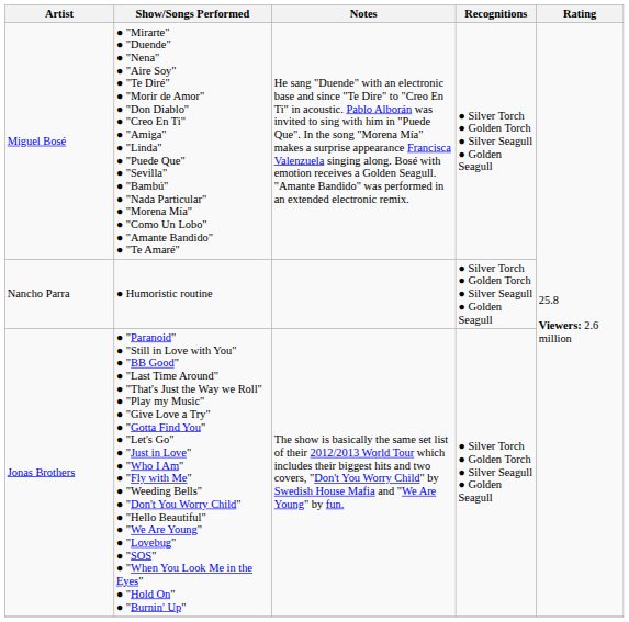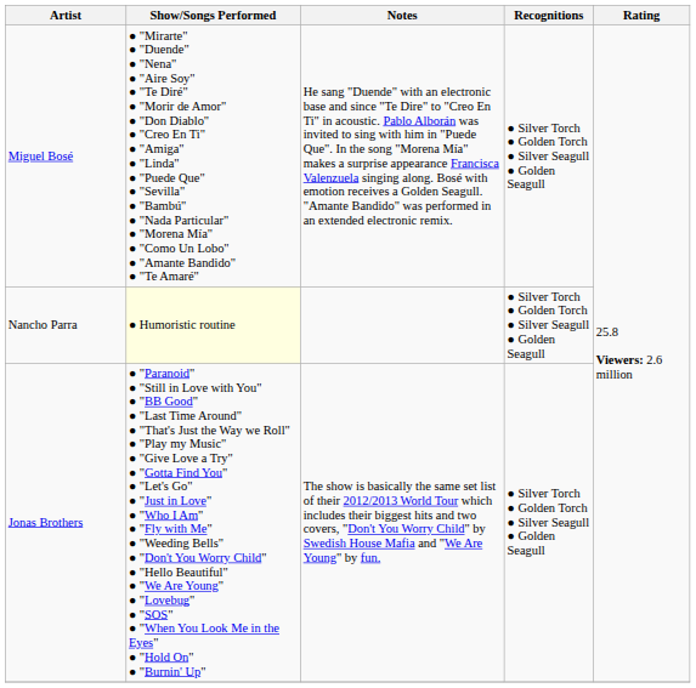 <table class="wikitable">
 <tr>
 <th width="170">Artist</th>
 <th width="250">Show/Songs Performed</th>
 <th width="300">Notes</th>
 <th width="110">Recognitions</th>
 <th width="130">Rating</th>
 </tr>
 <tr>
 <td><a href='#'>Miguel Bosé</a></td>
 <td>● "Mirarte"<br> ● "Duende"<br> ● "Nena"<br> ● "Aire Soy"<br>  ● "Te Diré"<br> ● "Morir de Amor"<br> ● "Don Diablo" <br> ● "Creo En Ti" <br> ● "Amiga"<br> ● "Linda"<br> ● "Puede Que"<br> ● "Sevilla"<br> ● "Bambú"<br> ● "Nada Particular"<br> ● "Morena Mía"<br> ● "Como Un Lobo"<br> ● "Amante Bandido"<br> ● "Te Amaré"<br></td>
 <td>He sang "Duende" with an electronic base and since "Te Dire" to "Creo En Ti" in acoustic. <a href='#'>Pablo Alborán</a> was invited to sing with him in "Puede Que". In the song "Morena Mía" makes a surprise appearance <a href='#'>Francisca Valenzuela</a> singing along. Bosé with emotion receives a Golden Seagull. "Amante Bandido" was performed in an extended electronic remix.</td>
 <td>● Silver Torch<br> ● Golden Torch<br> ● Silver Seagull <br> ● Golden Seagull<br></td>
 <td rowspan="3">25.8<br><br> <strong>Viewers:</strong> 2.6 million</td>
 </tr>
 <tr>
 <td>Nancho Parra</td>
-<td>● Humoristic routine</td>
+<td style="background: lightyellow;">● Humoristic routine</td>
 <td></td>
 <td>● Silver Torch<br> ● Golden Torch<br> ● Silver Seagull <br> ● Golden Seagull<br></td>
 </tr>
 <tr>
 <td><a href='#'>Jonas Brothers</a></td>
 <td>● "<a href='#'>Paranoid</a>"<br> ● "Still in Love with You"<br> ● "<a href='#'>BB Good</a>"<br> ● "Last Time Around"<br> ● "That's Just the Way we Roll"<br> ● "Play my Music"<br> ● "Give Love a Try"<br> ● "<a href='#'>Gotta Find You</a>"<br> ● "Let's Go"<br> ● "<a href='#'>Just in Love</a>"<br> ● "<a href='#'>Who I Am</a>"<br> ● "<a href='#'>Fly with Me</a>"<br> ● "Weeding Bells"<br> ● "<a href='#'>Don't You Worry Child</a>"<br> ● "Hello Beautiful"<br> ● "<a href='#'>We Are Young</a>"<br> ● "<a href='#'>Lovebug</a>"<br> ● "<a href='#'>SOS</a>"<br> ● "<a href='#'>When You Look Me in the Eyes</a>"<br> ● "<a href='#'>Hold On</a>"<br> ● "<a href='#'>Burnin' Up</a>"</td>
 <td>The show is basically the same set list of their <a href='#'>2012/2013 World Tour</a> which includes their biggest hits and two covers, "<a href='#'>Don't You Worry Child</a>" by <a href='#'>Swedish House Mafia</a> and "<a href='#'>We Are Young</a>" by <a href='#'>fun.</a></td>
 <td>● Silver Torch<br> ● Golden Torch<br> ● Silver Seagull <br> ● Golden Seagull<br></td>
 </tr>
 <tr>
 </tr>
 </table>
